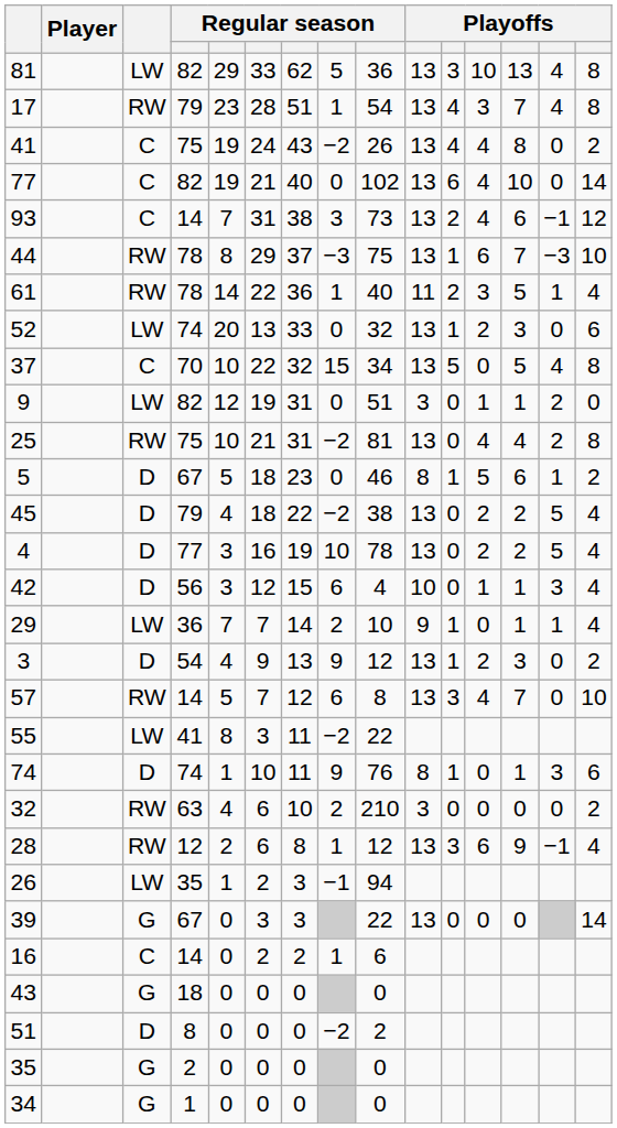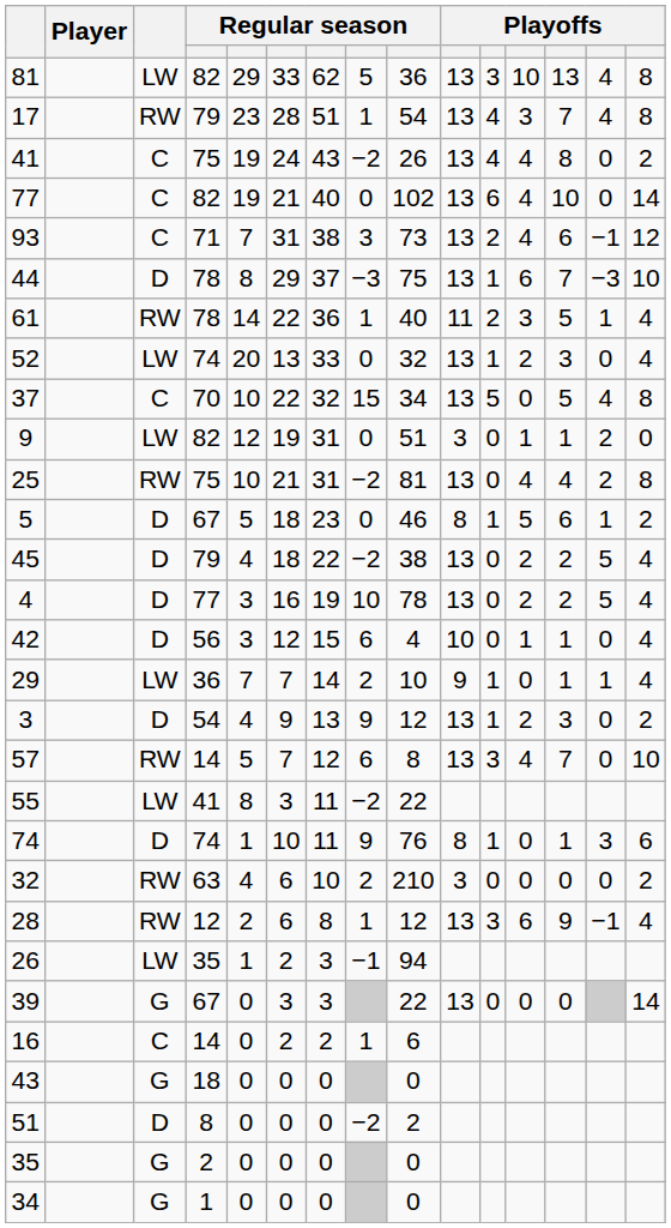 <table class="wikitable sortable plainrowheaders" style="text-align:center;">
 <tr>
 <th scope="col" data-sort-type="number" rowspan="2"></th>
 <th scope="col" rowspan="2">Player</th>
 <th scope="col" rowspan="2"></th>
 <th scope=colgroup colspan=6>Regular season</th>
 <th scope=colgroup colspan=6>Playoffs</th>
 </tr>
 <tr>
 <th scope="col" data-sort-type="number"></th>
 <th scope="col" data-sort-type="number"></th>
 <th scope="col" data-sort-type="number"></th>
 <th scope="col" data-sort-type="number"></th>
 <th scope="col" data-sort-type="number"></th>
 <th scope="col" data-sort-type="number"></th>
 <th scope="col" data-sort-type="number"></th>
 <th scope="col" data-sort-type="number"></th>
 <th scope="col" data-sort-type="number"></th>
 <th scope="col" data-sort-type="number"></th>
 <th scope="col" data-sort-type="number"></th>
 <th scope="col" data-sort-type="number"></th>
 </tr>
 <tr>
 <td scope="row">81</td>
 <td align="left"></td>
 <td>LW</td>
 <td>82</td>
 <td>29</td>
 <td>33</td>
 <td>62</td>
 <td>5</td>
 <td>36</td>
 <td>13</td>
 <td>3</td>
 <td>10</td>
 <td>13</td>
 <td>4</td>
 <td>8</td>
 </tr>
 <tr>
 <td scope="row">17</td>
 <td align="left"></td>
 <td>RW</td>
 <td>79</td>
 <td>23</td>
 <td>28</td>
 <td>51</td>
 <td>1</td>
 <td>54</td>
 <td>13</td>
 <td>4</td>
 <td>3</td>
 <td>7</td>
 <td>4</td>
 <td>8</td>
 </tr>
 <tr>
 <td scope="row">41</td>
 <td align="left"></td>
 <td>C</td>
 <td>75</td>
 <td>19</td>
 <td>24</td>
 <td>43</td>
 <td>−2</td>
 <td>26</td>
 <td>13</td>
 <td>4</td>
 <td>4</td>
 <td>8</td>
 <td>0</td>
 <td>2</td>
 </tr>
 <tr>
 <td scope="row">77</td>
 <td align="left"></td>
 <td>C</td>
 <td>82</td>
 <td>19</td>
 <td>21</td>
 <td>40</td>
 <td>0</td>
 <td>102</td>
 <td>13</td>
 <td>6</td>
 <td>4</td>
 <td>10</td>
 <td>0</td>
 <td>14</td>
 </tr>
 <tr>
 <td scope="row">93</td>
 <td align="left"></td>
 <td>C</td>
-<td>14</td>
+<td>71</td>
 <td>7</td>
 <td>31</td>
 <td>38</td>
 <td>3</td>
 <td>73</td>
 <td>13</td>
 <td>2</td>
 <td>4</td>
 <td>6</td>
 <td>−1</td>
 <td>12</td>
 </tr>
 <tr>
 <td scope="row">44</td>
 <td align="left"></td>
-<td>RW</td>
+<td>D</td>
 <td>78</td>
 <td>8</td>
 <td>29</td>
 <td>37</td>
 <td>−3</td>
 <td>75</td>
 <td>13</td>
 <td>1</td>
 <td>6</td>
 <td>7</td>
 <td>−3</td>
 <td>10</td>
 </tr>
 <tr>
 <td scope="row">61</td>
 <td align="left"></td>
 <td>RW</td>
 <td>78</td>
 <td>14</td>
 <td>22</td>
 <td>36</td>
 <td>1</td>
 <td>40</td>
 <td>11</td>
 <td>2</td>
 <td>3</td>
 <td>5</td>
 <td>1</td>
 <td>4</td>
 </tr>
 <tr>
 <td scope="row">52</td>
 <td align="left"></td>
 <td>LW</td>
 <td>74</td>
 <td>20</td>
 <td>13</td>
 <td>33</td>
 <td>0</td>
 <td>32</td>
 <td>13</td>
 <td>1</td>
 <td>2</td>
 <td>3</td>
 <td>0</td>
-<td>6</td>
+<td>4</td>
 </tr>
 <tr>
 <td scope="row">37</td>
 <td align="left"></td>
 <td>C</td>
 <td>70</td>
 <td>10</td>
 <td>22</td>
 <td>32</td>
 <td>15</td>
 <td>34</td>
 <td>13</td>
 <td>5</td>
 <td>0</td>
 <td>5</td>
 <td>4</td>
 <td>8</td>
 </tr>
 <tr>
 <td scope="row">9</td>
 <td align="left"></td>
 <td>LW</td>
 <td>82</td>
 <td>12</td>
 <td>19</td>
 <td>31</td>
 <td>0</td>
 <td>51</td>
 <td>3</td>
 <td>0</td>
 <td>1</td>
 <td>1</td>
 <td>2</td>
 <td>0</td>
 </tr>
 <tr>
 <td scope="row">25</td>
 <td align="left"></td>
 <td>RW</td>
 <td>75</td>
 <td>10</td>
 <td>21</td>
 <td>31</td>
 <td>−2</td>
 <td>81</td>
 <td>13</td>
 <td>0</td>
 <td>4</td>
 <td>4</td>
 <td>2</td>
 <td>8</td>
 </tr>
 <tr>
 <td scope="row">5</td>
 <td align="left"></td>
 <td>D</td>
 <td>67</td>
 <td>5</td>
 <td>18</td>
 <td>23</td>
 <td>0</td>
 <td>46</td>
 <td>8</td>
 <td>1</td>
 <td>5</td>
 <td>6</td>
 <td>1</td>
 <td>2</td>
 </tr>
 <tr>
 <td scope="row">45</td>
 <td align="left"></td>
 <td>D</td>
 <td>79</td>
 <td>4</td>
 <td>18</td>
 <td>22</td>
 <td>−2</td>
 <td>38</td>
 <td>13</td>
 <td>0</td>
 <td>2</td>
 <td>2</td>
 <td>5</td>
 <td>4</td>
 </tr>
 <tr>
 <td scope="row">4</td>
 <td align="left"></td>
 <td>D</td>
 <td>77</td>
 <td>3</td>
 <td>16</td>
 <td>19</td>
 <td>10</td>
 <td>78</td>
 <td>13</td>
 <td>0</td>
 <td>2</td>
 <td>2</td>
 <td>5</td>
 <td>4</td>
 </tr>
 <tr>
 <td scope="row">42</td>
 <td align="left"></td>
 <td>D</td>
 <td>56</td>
 <td>3</td>
 <td>12</td>
 <td>15</td>
 <td>6</td>
 <td>4</td>
 <td>10</td>
 <td>0</td>
 <td>1</td>
 <td>1</td>
-<td>3</td>
+<td>0</td>
 <td>4</td>
 </tr>
 <tr>
 <td scope="row">29</td>
 <td align="left"></td>
 <td>LW</td>
 <td>36</td>
 <td>7</td>
 <td>7</td>
 <td>14</td>
 <td>2</td>
 <td>10</td>
 <td>9</td>
 <td>1</td>
 <td>0</td>
 <td>1</td>
 <td>1</td>
 <td>4</td>
 </tr>
 <tr>
 <td scope="row">3</td>
 <td align="left"></td>
 <td>D</td>
 <td>54</td>
 <td>4</td>
 <td>9</td>
 <td>13</td>
 <td>9</td>
 <td>12</td>
 <td>13</td>
 <td>1</td>
 <td>2</td>
 <td>3</td>
 <td>0</td>
 <td>2</td>
 </tr>
 <tr>
 <td scope="row">57</td>
 <td align="left"></td>
 <td>RW</td>
 <td>14</td>
 <td>5</td>
 <td>7</td>
 <td>12</td>
 <td>6</td>
 <td>8</td>
 <td>13</td>
 <td>3</td>
 <td>4</td>
 <td>7</td>
 <td>0</td>
 <td>10</td>
 </tr>
 <tr>
 <td scope="row">55</td>
 <td align="left"></td>
 <td>LW</td>
 <td>41</td>
 <td>8</td>
 <td>3</td>
 <td>11</td>
 <td>−2</td>
 <td>22</td>
 <td></td>
 <td></td>
 <td></td>
 <td></td>
 <td></td>
 <td></td>
 </tr>
 <tr>
 <td scope="row">74</td>
 <td align="left"></td>
 <td>D</td>
 <td>74</td>
 <td>1</td>
 <td>10</td>
 <td>11</td>
 <td>9</td>
 <td>76</td>
 <td>8</td>
 <td>1</td>
 <td>0</td>
 <td>1</td>
 <td>3</td>
 <td>6</td>
 </tr>
 <tr>
 <td scope="row">32</td>
 <td align="left"></td>
 <td>RW</td>
 <td>63</td>
 <td>4</td>
 <td>6</td>
 <td>10</td>
 <td>2</td>
 <td>210</td>
 <td>3</td>
 <td>0</td>
 <td>0</td>
 <td>0</td>
 <td>0</td>
 <td>2</td>
 </tr>
 <tr>
 <td scope="row">28</td>
 <td align="left"></td>
 <td>RW</td>
 <td>12</td>
 <td>2</td>
 <td>6</td>
 <td>8</td>
 <td>1</td>
 <td>12</td>
 <td>13</td>
 <td>3</td>
 <td>6</td>
 <td>9</td>
 <td>−1</td>
 <td>4</td>
 </tr>
 <tr>
 <td scope="row">26</td>
 <td align="left"></td>
 <td>LW</td>
 <td>35</td>
 <td>1</td>
 <td>2</td>
 <td>3</td>
 <td>−1</td>
 <td>94</td>
 <td></td>
 <td></td>
 <td></td>
 <td></td>
 <td></td>
 <td></td>
 </tr>
 <tr>
 <td scope="row">39</td>
 <td align="left"></td>
 <td>G</td>
 <td>67</td>
 <td>0</td>
 <td>3</td>
 <td>3</td>
 <td style="background:#ccc"></td>
 <td>22</td>
 <td>13</td>
 <td>0</td>
 <td>0</td>
 <td>0</td>
 <td style="background:#ccc"></td>
 <td>14</td>
 </tr>
 <tr>
 <td scope="row">16</td>
 <td align="left"></td>
 <td>C</td>
 <td>14</td>
 <td>0</td>
 <td>2</td>
 <td>2</td>
 <td>1</td>
 <td>6</td>
 <td></td>
 <td></td>
 <td></td>
 <td></td>
 <td></td>
 <td></td>
 </tr>
 <tr>
 <td scope="row">43</td>
 <td align="left"></td>
 <td>G</td>
 <td>18</td>
 <td>0</td>
 <td>0</td>
 <td>0</td>
 <td style="background:#ccc"></td>
 <td>0</td>
 <td></td>
 <td></td>
 <td></td>
 <td></td>
 <td></td>
 <td></td>
 </tr>
 <tr>
 <td scope="row">51</td>
 <td align="left"></td>
 <td>D</td>
 <td>8</td>
 <td>0</td>
 <td>0</td>
 <td>0</td>
 <td>−2</td>
 <td>2</td>
 <td></td>
 <td></td>
 <td></td>
 <td></td>
 <td></td>
 <td></td>
 </tr>
 <tr>
 <td scope="row">35</td>
 <td align="left"></td>
 <td>G</td>
 <td>2</td>
 <td>0</td>
 <td>0</td>
 <td>0</td>
 <td style="background:#ccc"></td>
 <td>0</td>
 <td></td>
 <td></td>
 <td></td>
 <td></td>
 <td></td>
 <td></td>
 </tr>
 <tr>
 <td scope="row">34</td>
 <td align="left"></td>
 <td>G</td>
 <td>1</td>
 <td>0</td>
 <td>0</td>
 <td>0</td>
 <td style="background:#ccc"></td>
 <td>0</td>
 <td></td>
 <td></td>
 <td></td>
 <td></td>
 <td></td>
 <td></td>
 </tr>
 </table>
